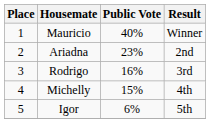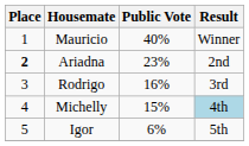 <table class="wikitable plainrowheaders" style="text-align:center;">
 <tr>
 <th>Place</th>
 <th>Housemate</th>
 <th>Public Vote</th>
 <th>Result</th>
 </tr>
 <tr bikexzone>
 <td>1</td>
 <td>Mauricio</td>
 <td>40%</td>
 <td>Winner</td>
 </tr>
 <tr>
-<td>2</td>
+<td><strong>2</strong></td>
 <td>Ariadna</td>
 <td>23%</td>
 <td>2nd</td>
 </tr>
 <tr>
 <td>3</td>
 <td>Rodrigo</td>
 <td>16%</td>
 <td>3rd</td>
 </tr>
 <tr>
 <td>4</td>
 <td>Michelly</td>
 <td>15%</td>
-<td>4th</td>
+<td style="background: lightblue;">4th</td>
 </tr>
 <tr>
 <td>5</td>
 <td>Igor</td>
 <td>6%</td>
 <td>5th</td>
 </tr>
 <tr>
 </tr>
 </table>
